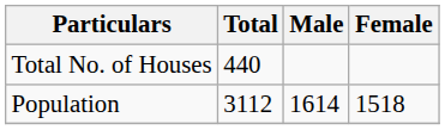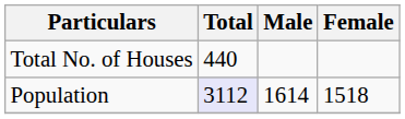 <table class="wikitable sortable">
 <tr>
 <th>Particulars</th>
 <th>Total</th>
 <th>Male</th>
 <th>Female</th>
 </tr>
 <tr>
 <td>Total No. of Houses</td>
 <td>440</td>
 <td></td>
 <td></td>
 </tr>
 <tr>
 <td>Population</td>
-<td>3112</td>
+<td style="background: lavender;">3112</td>
 <td>1614</td>
 <td>1518</td>
 </tr>
 <tr>
 </tr>
 </table>
